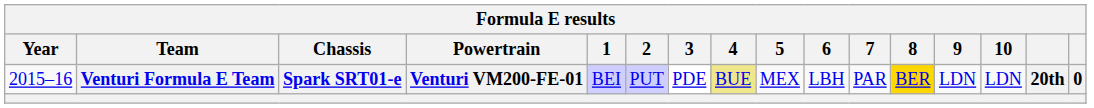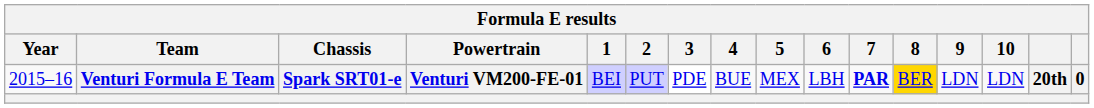 <table class="wikitable" style="text-align:center; font-size:85%;">
 <tr>
 <th colspan=17>Formula E results</th>
 </tr>
 <tr>
 <th scope="col">Year</th>
 <th scope="col">Team</th>
 <th scope="col">Chassis</th>
 <th scope="col">Powertrain</th>
 <th scope="col">1</th>
 <th scope="col">2</th>
 <th scope="col">3</th>
 <th scope="col">4</th>
 <th scope="col">5</th>
 <th scope="col">6</th>
 <th scope="col">7</th>
 <th scope="col">8</th>
 <th scope="col">9</th>
 <th scope="col">10</th>
 <th scope="col"></th>
 <th scope="col"></th>
 </tr>
 <tr>
 <td nowrap><a href='#'>2015–16</a></td>
 <th nowrap><a href='#'>Venturi Formula E Team</a></th>
 <th nowrap><a href='#'>Spark SRT01-e</a></th>
 <th nowrap><a href='#'>Venturi</a> VM200-FE-01</th>
 <td style="background:#CFCFFF;"><a href='#'>BEI</a><br></td>
 <td style="background:#CFCFFF;"><a href='#'>PUT</a><br></td>
 <td style="background:#FFFFFF;"><a href='#'>PDE</a><br></td>
-<td style="background: khaki;"><a href='#'>BUE</a></td>
+<td><a href='#'>BUE</a></td>
 <td><a href='#'>MEX</a></td>
 <td><a href='#'>LBH</a></td>
-<td><a href='#'>PAR</a></td>
+<td><strong><a href='#'>PAR</a></strong></td>
 <td style="background: gold;"><a href='#'>BER</a></td>
 <td><a href='#'>LDN</a></td>
 <td><a href='#'>LDN</a></td>
 <th>20th</th>
 <th>0</th>
 </tr>
 <tr>
 <th colspan="16"></th>
 </tr>
 </table>
